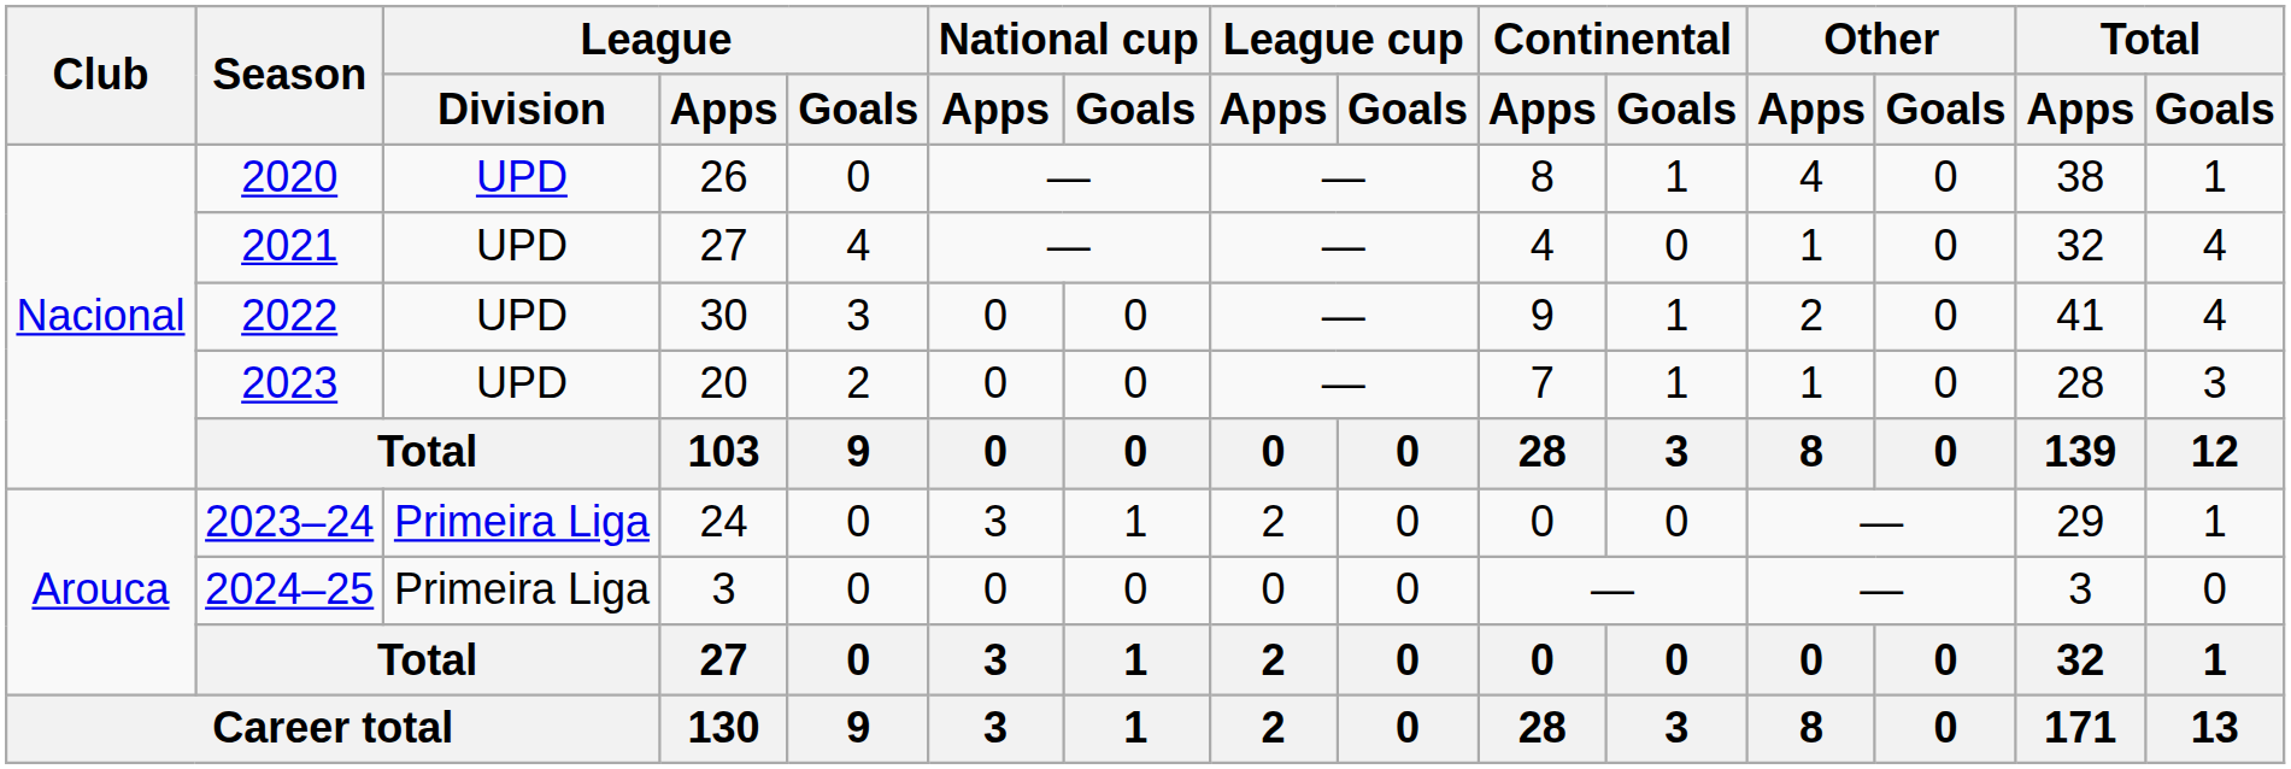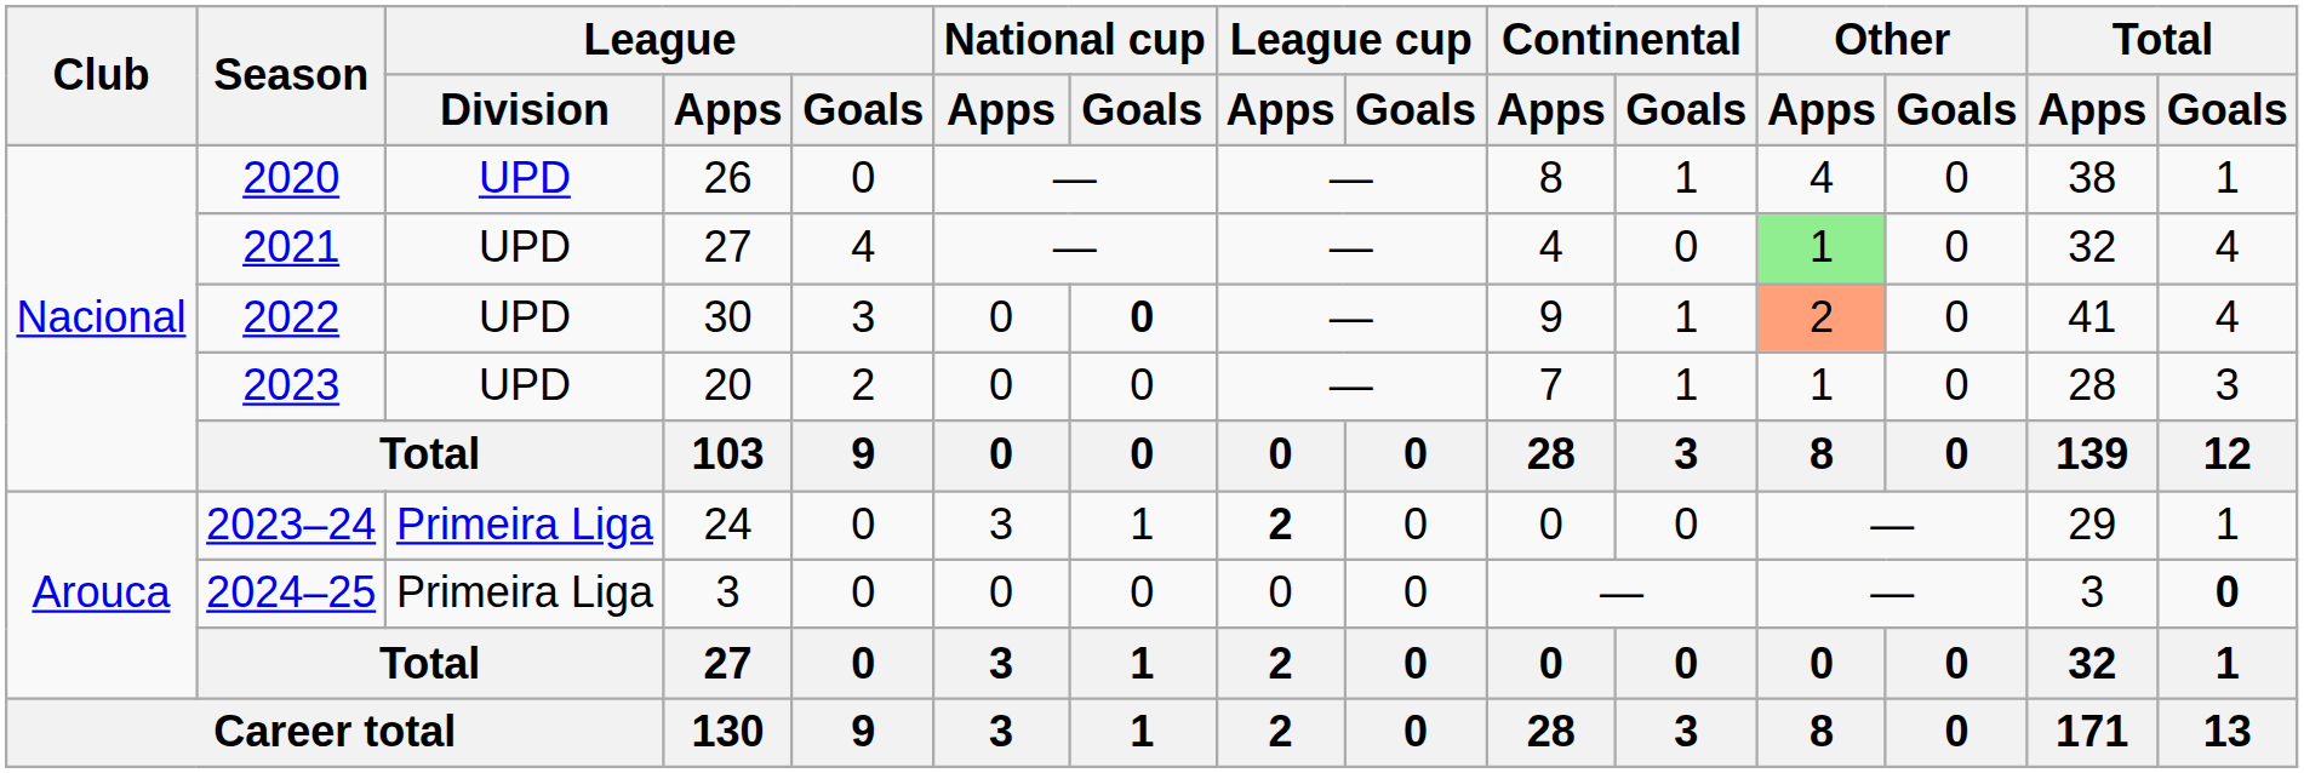 <table class="wikitable" Style="text-align: center">
 <tr>
 <th rowspan="2">Club</th>
 <th rowspan="2">Season</th>
 <th colspan="3">League</th>
 <th colspan="2">National cup</th>
 <th colspan="2">League cup</th>
 <th colspan="2">Continental</th>
 <th colspan="2">Other</th>
 <th colspan="2">Total</th>
 </tr>
 <tr>
 <th>Division</th>
 <th>Apps</th>
 <th>Goals</th>
 <th>Apps</th>
 <th>Goals</th>
 <th>Apps</th>
 <th>Goals</th>
 <th>Apps</th>
 <th>Goals</th>
 <th>Apps</th>
 <th>Goals</th>
 <th>Apps</th>
 <th>Goals</th>
 </tr>
 <tr>
 <td rowspan="5"><a href='#'>Nacional</a></td>
 <td><a href='#'>2020</a></td>
 <td><a href='#'>UPD</a></td>
 <td>26</td>
 <td>0</td>
 <td colspan="2">—</td>
 <td colspan="2">—</td>
 <td>8</td>
 <td>1</td>
 <td>4</td>
 <td>0</td>
 <td>38</td>
 <td>1</td>
 </tr>
 <tr>
 <td><a href='#'>2021</a></td>
 <td>UPD</td>
 <td>27</td>
 <td>4</td>
 <td colspan="2">—</td>
 <td colspan="2">—</td>
 <td>4</td>
 <td>0</td>
-<td>1</td>
+<td style="background: lightgreen;">1</td>
 <td>0</td>
 <td>32</td>
 <td>4</td>
 </tr>
 <tr>
 <td><a href='#'>2022</a></td>
 <td>UPD</td>
 <td>30</td>
 <td>3</td>
 <td>0</td>
-<td>0</td>
+<td><strong>0</strong></td>
 <td colspan="2">—</td>
 <td>9</td>
 <td>1</td>
-<td>2</td>
+<td style="background: lightsalmon;">2</td>
 <td>0</td>
 <td>41</td>
 <td>4</td>
 </tr>
 <tr>
 <td><a href='#'>2023</a></td>
 <td>UPD</td>
 <td>20</td>
 <td>2</td>
 <td>0</td>
 <td>0</td>
 <td colspan="2">—</td>
 <td>7</td>
 <td>1</td>
 <td>1</td>
 <td>0</td>
 <td>28</td>
 <td>3</td>
 </tr>
 <tr>
 <th colspan="2">Total</th>
 <th>103</th>
 <th>9</th>
 <th>0</th>
 <th>0</th>
 <th>0</th>
 <th>0</th>
 <th>28</th>
 <th>3</th>
 <th>8</th>
 <th>0</th>
 <th>139</th>
 <th>12</th>
 </tr>
 <tr>
 <td rowspan="3"><a href='#'>Arouca</a></td>
 <td><a href='#'>2023–24</a></td>
 <td><a href='#'>Primeira Liga</a></td>
 <td>24</td>
 <td>0</td>
 <td>3</td>
 <td>1</td>
-<td>2</td>
+<td><strong>2</strong></td>
 <td>0</td>
 <td>0</td>
 <td>0</td>
 <td colspan="2">—</td>
 <td>29</td>
 <td>1</td>
 </tr>
 <tr>
 <td><a href='#'>2024–25</a></td>
 <td>Primeira Liga</td>
 <td>3</td>
 <td>0</td>
 <td>0</td>
 <td>0</td>
 <td>0</td>
 <td>0</td>
 <td colspan="2">—</td>
 <td colspan="2">—</td>
 <td>3</td>
-<td>0</td>
+<td><strong>0</strong></td>
 </tr>
 <tr>
 <th colspan="2">Total</th>
 <th>27</th>
 <th>0</th>
 <th>3</th>
 <th>1</th>
 <th>2</th>
 <th>0</th>
 <th>0</th>
 <th>0</th>
 <th>0</th>
 <th>0</th>
 <th>32</th>
 <th>1</th>
 </tr>
 <tr>
 <th colspan="3">Career total</th>
 <th>130</th>
 <th>9</th>
 <th>3</th>
 <th>1</th>
 <th>2</th>
 <th>0</th>
 <th>28</th>
 <th>3</th>
 <th>8</th>
 <th>0</th>
 <th>171</th>
 <th>13</th>
 </tr>
 </table>
